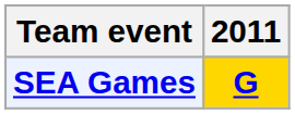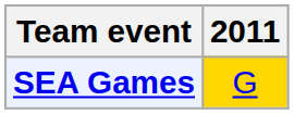 <table class="wikitable" style="font-size: 90%; text-align:center">
 <tr>
 <th>Team event</th>
 <th>2011</th>
 </tr>
 <tr>
 <td bgcolor="#ECF2FF"; align="left"><strong><a href='#'>SEA Games</a></strong></td>
-<td bgcolor=gold><strong><a href='#'>G</a></strong></td>
+<td bgcolor=gold><a href='#'>G</a></td>
 </tr>
 </table>
